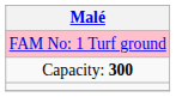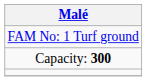 <table class="wikitable" style="margin:1em auto; text-align:center">
 <tr>
 <th><a href='#'>Malé</a></th>
 </tr>
 <tr>
-<td style="background: pink;"><a href='#'>FAM No: 1 Turf ground</a></td>
+<td><a href='#'>FAM No: 1 Turf ground</a></td>
 </tr>
 <tr>
 <td>Capacity: <strong>300</strong></td>
 </tr>
 <tr>
 <td></td>
 </tr>
 <tr>
 </tr>
 </table>
